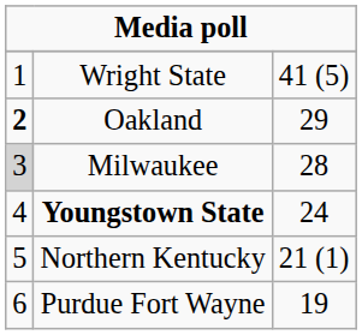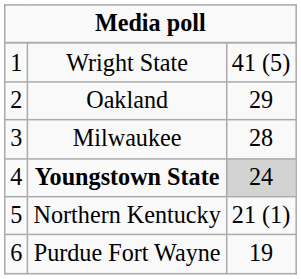 <table class="wikitable" style="display: inline-table;">
 <tr>
 <td align="center" Colspan="3"><strong>Media poll</strong></td>
 </tr>
 <tr align="center">
 </tr>
 <tr align="center">
 <td>1</td>
 <td>Wright State</td>
 <td>41 (5)</td>
 </tr>
 <tr align="center">
-<td><strong>2</strong></td>
+<td>2</td>
 <td>Oakland</td>
 <td>29</td>
 </tr>
 <tr align="center">
-<td style="background: lightgrey;">3</td>
+<td>3</td>
 <td>Milwaukee</td>
 <td>28</td>
 </tr>
 <tr align="center">
 <td>4</td>
 <td><strong>Youngstown State</strong></td>
-<td>24</td>
+<td style="background: lightgrey;">24</td>
 </tr>
 <tr align="center">
 <td>5</td>
 <td>Northern Kentucky</td>
 <td>21 (1)</td>
 </tr>
 <tr align="center">
 <td>6</td>
 <td>Purdue Fort Wayne</td>
 <td>19</td>
 </tr>
 </table>
